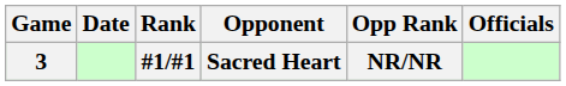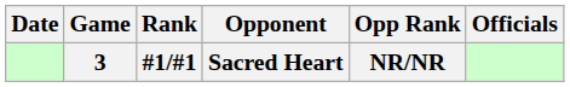 <table class="wikitable">
 <tr>
+<th>Date</th>
 <th>Game</th>
-<th>Date</th>
 <th>Rank</th>
 <th>Opponent</th>
 <th>Opp Rank</th>
 <th>Officials</th>
 </tr>
 <tr align="center" bgcolor="#ccffcc">
+<td></td>
 <th>3</th>
-<td></td>
 <th>#1/#1</th>
 <th>Sacred Heart</th>
 <th>NR/NR</th>
 <td></td>
 </tr>
 </table>
